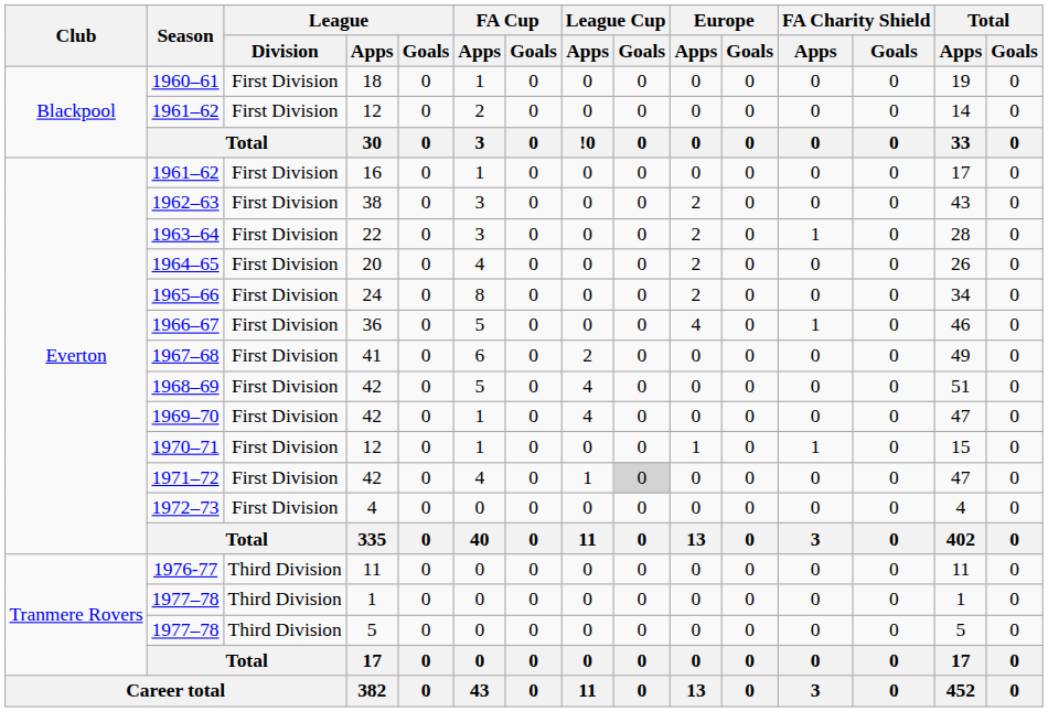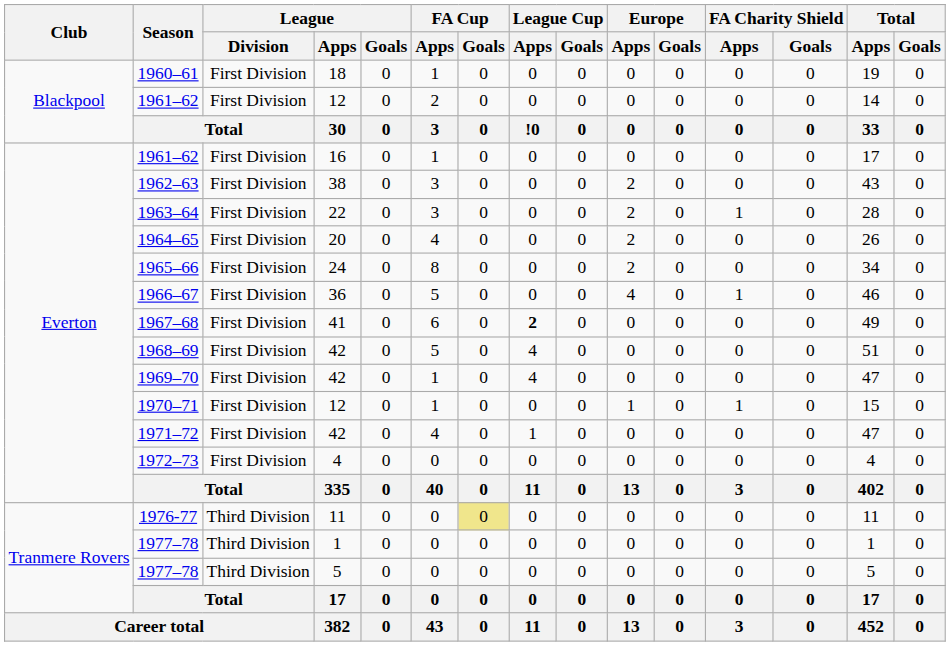 <table class="wikitable" style="text-align:center">
 <tr>
 <th rowspan="2">Club</th>
 <th rowspan="2">Season</th>
 <th colspan="3">League</th>
 <th colspan="2">FA Cup</th>
 <th colspan="2">League Cup</th>
 <th colspan="2">Europe</th>
 <th colspan="2">FA Charity Shield</th>
 <th colspan="2">Total</th>
 </tr>
 <tr>
 <th>Division</th>
 <th>Apps</th>
 <th>Goals</th>
 <th>Apps</th>
 <th>Goals</th>
 <th>Apps</th>
 <th>Goals</th>
 <th>Apps</th>
 <th>Goals</th>
 <th>Apps</th>
 <th>Goals</th>
 <th>Apps</th>
 <th>Goals</th>
 </tr>
 <tr>
 <td rowspan="3"><a href='#'>Blackpool</a></td>
 <td><a href='#'>1960–61</a></td>
 <td>First Division</td>
 <td>18</td>
 <td>0</td>
 <td>1</td>
 <td>0</td>
 <td>0</td>
 <td>0</td>
 <td>0</td>
 <td>0</td>
 <td>0</td>
 <td>0</td>
 <td>19</td>
 <td>0</td>
 </tr>
 <tr>
 <td><a href='#'>1961–62</a></td>
 <td>First Division</td>
 <td>12</td>
 <td>0</td>
 <td>2</td>
 <td>0</td>
 <td>0</td>
 <td>0</td>
 <td>0</td>
 <td>0</td>
 <td>0</td>
 <td>0</td>
 <td>14</td>
 <td>0</td>
 </tr>
 <tr>
 <th colspan="2">Total</th>
 <th>30</th>
 <th>0</th>
 <th>3</th>
 <th>0</th>
 <th>!0</th>
 <th>0</th>
 <th>0</th>
 <th>0</th>
 <th>0</th>
 <th>0</th>
 <th>33</th>
 <th>0</th>
 </tr>
 <tr>
 <td rowspan="13"><a href='#'>Everton</a></td>
 <td><a href='#'>1961–62</a></td>
 <td>First Division</td>
 <td>16</td>
 <td>0</td>
 <td>1</td>
 <td>0</td>
 <td>0</td>
 <td>0</td>
 <td>0</td>
 <td>0</td>
 <td>0</td>
 <td>0</td>
 <td>17</td>
 <td>0</td>
 </tr>
 <tr>
 <td><a href='#'>1962–63</a></td>
 <td>First Division</td>
 <td>38</td>
 <td>0</td>
 <td>3</td>
 <td>0</td>
 <td>0</td>
 <td>0</td>
 <td>2</td>
 <td>0</td>
 <td>0</td>
 <td>0</td>
 <td>43</td>
 <td>0</td>
 </tr>
 <tr>
 <td><a href='#'>1963–64</a></td>
 <td>First Division</td>
 <td>22</td>
 <td>0</td>
 <td>3</td>
 <td>0</td>
 <td>0</td>
 <td>0</td>
 <td>2</td>
 <td>0</td>
 <td>1</td>
 <td>0</td>
 <td>28</td>
 <td>0</td>
 </tr>
 <tr>
 <td><a href='#'>1964–65</a></td>
 <td>First Division</td>
 <td>20</td>
 <td>0</td>
 <td>4</td>
 <td>0</td>
 <td>0</td>
 <td>0</td>
 <td>2</td>
 <td>0</td>
 <td>0</td>
 <td>0</td>
 <td>26</td>
 <td>0</td>
 </tr>
 <tr>
 <td><a href='#'>1965–66</a></td>
 <td>First Division</td>
 <td>24</td>
 <td>0</td>
 <td>8</td>
 <td>0</td>
 <td>0</td>
 <td>0</td>
 <td>2</td>
 <td>0</td>
 <td>0</td>
 <td>0</td>
 <td>34</td>
 <td>0</td>
 </tr>
 <tr>
 <td><a href='#'>1966–67</a></td>
 <td>First Division</td>
 <td>36</td>
 <td>0</td>
 <td>5</td>
 <td>0</td>
 <td>0</td>
 <td>0</td>
 <td>4</td>
 <td>0</td>
 <td>1</td>
 <td>0</td>
 <td>46</td>
 <td>0</td>
 </tr>
 <tr>
 <td><a href='#'>1967–68</a></td>
 <td>First Division</td>
 <td>41</td>
 <td>0</td>
 <td>6</td>
 <td>0</td>
-<td>2</td>
+<td><strong>2</strong></td>
 <td>0</td>
 <td>0</td>
 <td>0</td>
 <td>0</td>
 <td>0</td>
 <td>49</td>
 <td>0</td>
 </tr>
 <tr>
 <td><a href='#'>1968–69</a></td>
 <td>First Division</td>
 <td>42</td>
 <td>0</td>
 <td>5</td>
 <td>0</td>
 <td>4</td>
 <td>0</td>
 <td>0</td>
 <td>0</td>
 <td>0</td>
 <td>0</td>
 <td>51</td>
 <td>0</td>
 </tr>
 <tr>
 <td><a href='#'>1969–70</a></td>
 <td>First Division</td>
 <td>42</td>
 <td>0</td>
 <td>1</td>
 <td>0</td>
 <td>4</td>
 <td>0</td>
 <td>0</td>
 <td>0</td>
 <td>0</td>
 <td>0</td>
 <td>47</td>
 <td>0</td>
 </tr>
 <tr>
 <td><a href='#'>1970–71</a></td>
 <td>First Division</td>
 <td>12</td>
 <td>0</td>
 <td>1</td>
 <td>0</td>
 <td>0</td>
 <td>0</td>
 <td>1</td>
 <td>0</td>
 <td>1</td>
 <td>0</td>
 <td>15</td>
 <td>0</td>
 </tr>
 <tr>
 <td><a href='#'>1971–72</a></td>
 <td>First Division</td>
 <td>42</td>
 <td>0</td>
 <td>4</td>
 <td>0</td>
 <td>1</td>
-<td style="background: lightgrey;">0</td>
+<td>0</td>
 <td>0</td>
 <td>0</td>
 <td>0</td>
 <td>0</td>
 <td>47</td>
 <td>0</td>
 </tr>
 <tr>
 <td><a href='#'>1972–73</a></td>
 <td>First Division</td>
 <td>4</td>
 <td>0</td>
 <td>0</td>
 <td>0</td>
 <td>0</td>
 <td>0</td>
 <td>0</td>
 <td>0</td>
 <td>0</td>
 <td>0</td>
 <td>4</td>
 <td>0</td>
 </tr>
 <tr>
 <th colspan="2">Total</th>
 <th>335</th>
 <th>0</th>
 <th>40</th>
 <th>0</th>
 <th>11</th>
 <th>0</th>
 <th>13</th>
 <th>0</th>
 <th>3</th>
 <th>0</th>
 <th>402</th>
 <th>0</th>
 </tr>
 <tr>
 <td rowspan="4"><a href='#'>Tranmere Rovers</a></td>
 <td><a href='#'>1976-77</a></td>
 <td>Third Division</td>
 <td>11</td>
 <td>0</td>
 <td>0</td>
-<td>0</td>
+<td style="background: khaki;">0</td>
 <td>0</td>
 <td>0</td>
 <td>0</td>
 <td>0</td>
 <td>0</td>
 <td>0</td>
 <td>11</td>
 <td>0</td>
 </tr>
 <tr>
 <td><a href='#'>1977–78</a></td>
 <td>Third Division</td>
 <td>1</td>
 <td>0</td>
 <td>0</td>
 <td>0</td>
 <td>0</td>
 <td>0</td>
 <td>0</td>
 <td>0</td>
 <td>0</td>
 <td>0</td>
 <td>1</td>
 <td>0</td>
 </tr>
 <tr>
 <td><a href='#'>1977–78</a></td>
 <td>Third Division</td>
 <td>5</td>
 <td>0</td>
 <td>0</td>
 <td>0</td>
 <td>0</td>
 <td>0</td>
 <td>0</td>
 <td>0</td>
 <td>0</td>
 <td>0</td>
 <td>5</td>
 <td>0</td>
 </tr>
 <tr>
 <th colspan="2">Total</th>
 <th>17</th>
 <th>0</th>
 <th>0</th>
 <th>0</th>
 <th>0</th>
 <th>0</th>
 <th>0</th>
 <th>0</th>
 <th>0</th>
 <th>0</th>
 <th>17</th>
 <th>0</th>
 </tr>
 <tr>
 <th colspan="3">Career total</th>
 <th>382</th>
 <th>0</th>
 <th>43</th>
 <th>0</th>
 <th>11</th>
 <th>0</th>
 <th>13</th>
 <th>0</th>
 <th>3</th>
 <th>0</th>
 <th>452</th>
 <th>0</th>
 </tr>
 </table>
